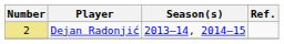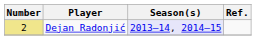 <table class="wikitable">
 <tr>
 <th>Number</th>
 <th>Player</th>
 <th>Season(s)</th>
 <th>Ref.</th>
 </tr>
 <tr>
 <td style="background: khaki; text-align:center;">2</td>
 <td> <a href='#'>Dejan Radonjić</a></td>
-<td><a href='#'>2013–14</a>, <a href='#'>2014–15</a></td>
+<td style="background: lavender;"><a href='#'>2013–14</a>, <a href='#'>2014–15</a></td>
 <td></td>
 </tr>
 <tr>
 </tr>
 </table>
